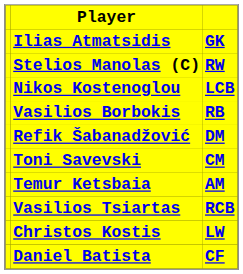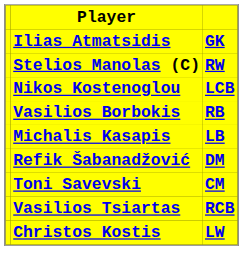 <table class="toccolours" border="0" cellpadding="2" cellspacing="0" align="center" style="margin: 0.5em 0 1em 1em; background: #000000; border: 1px #aaaaaa solid;">
 <tr bgcolor=#FFFF00>
 <th></th>
 <th>Player</th>
 <th></th>
 </tr>
 <tr bgcolor=#FFFF00>
 <td></td>
 <td><a href='#'><span><strong>Ilias Atmatsidis</strong></span></a></td>
 <td><a href='#'><strong>GK</strong></a></td>
 </tr>
 <tr bgcolor=#FFFF00>
 <td></td>
 <td><a href='#'><span><strong>Stelios Manolas</strong></span></a> <strong>(C)</strong></td>
 <td><a href='#'><strong>RW</strong></a></td>
 </tr>
 <tr bgcolor=#FFFF00>
 <td></td>
 <td><a href='#'><span><strong>Nikos Kostenoglou</strong></span></a></td>
 <td><a href='#'><strong>LCB</strong></a></td>
 </tr>
 <tr bgcolor=#FFFF00>
 <td></td>
 <td><a href='#'><span><strong>Vasilios Borbokis</strong></span></a></td>
 <td><a href='#'><strong>RB</strong></a></td>
 </tr>
 <tr bgcolor=#FFFF00>
 <td></td>
+<td><a href='#'><span><strong>Michalis Kasapis</strong></span></a></td>
+<td><a href='#'><strong>LB</strong></a></td>
+</tr>
+<tr bgcolor=#FFFF00>
+<td></td>
 <td><a href='#'><span><strong>Refik Šabanadžović</strong></span></a></td>
 <td><a href='#'><strong>DM</strong></a></td>
 </tr>
 <tr bgcolor=#FFFF00>
 <td></td>
 <td><a href='#'><span><strong>Toni Savevski</strong></span></a></td>
 <td><a href='#'><strong>CM</strong></a></td>
-</tr>
-<tr bgcolor=#FFFF00>
-<td></td>
-<td><a href='#'><span><strong>Temur Ketsbaia</strong></span></a></td>
-<td><a href='#'><strong>AM</strong></a></td>
 </tr>
 <tr bgcolor=#FFFF00>
 <td></td>
 <td><a href='#'><span><strong>Vasilios Tsiartas</strong></span></a></td>
 <td><a href='#'><strong>RCB</strong></a></td>
 </tr>
 <tr bgcolor=#FFFF00>
 <td></td>
 <td><a href='#'><span><strong>Christos Kostis</strong></span></a></td>
 <td><a href='#'><strong>LW</strong></a></td>
 </tr>
-<tr bgcolor=#FFFF00>
-<td></td>
-<td><a href='#'><span><strong>Daniel Batista</strong></span></a></td>
-<td><a href='#'><strong>CF</strong></a></td>
-</tr>
 </table>
